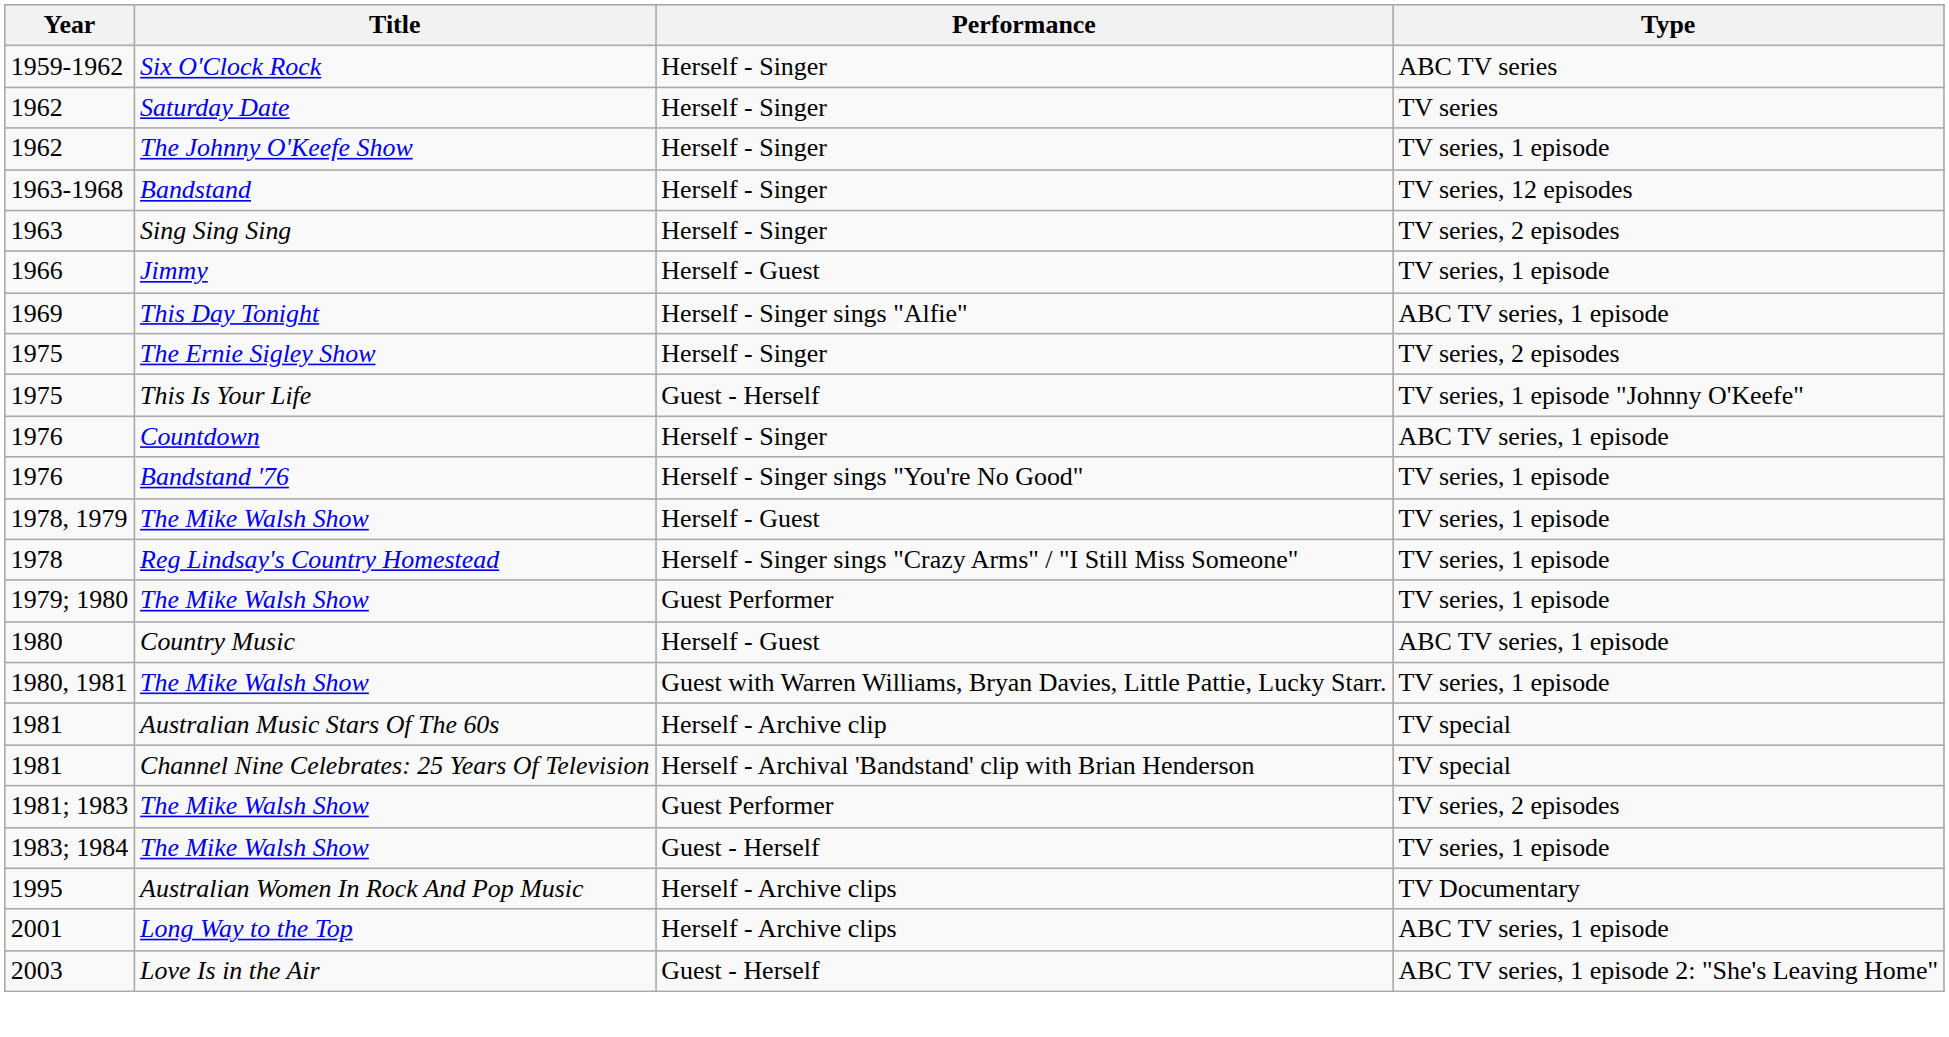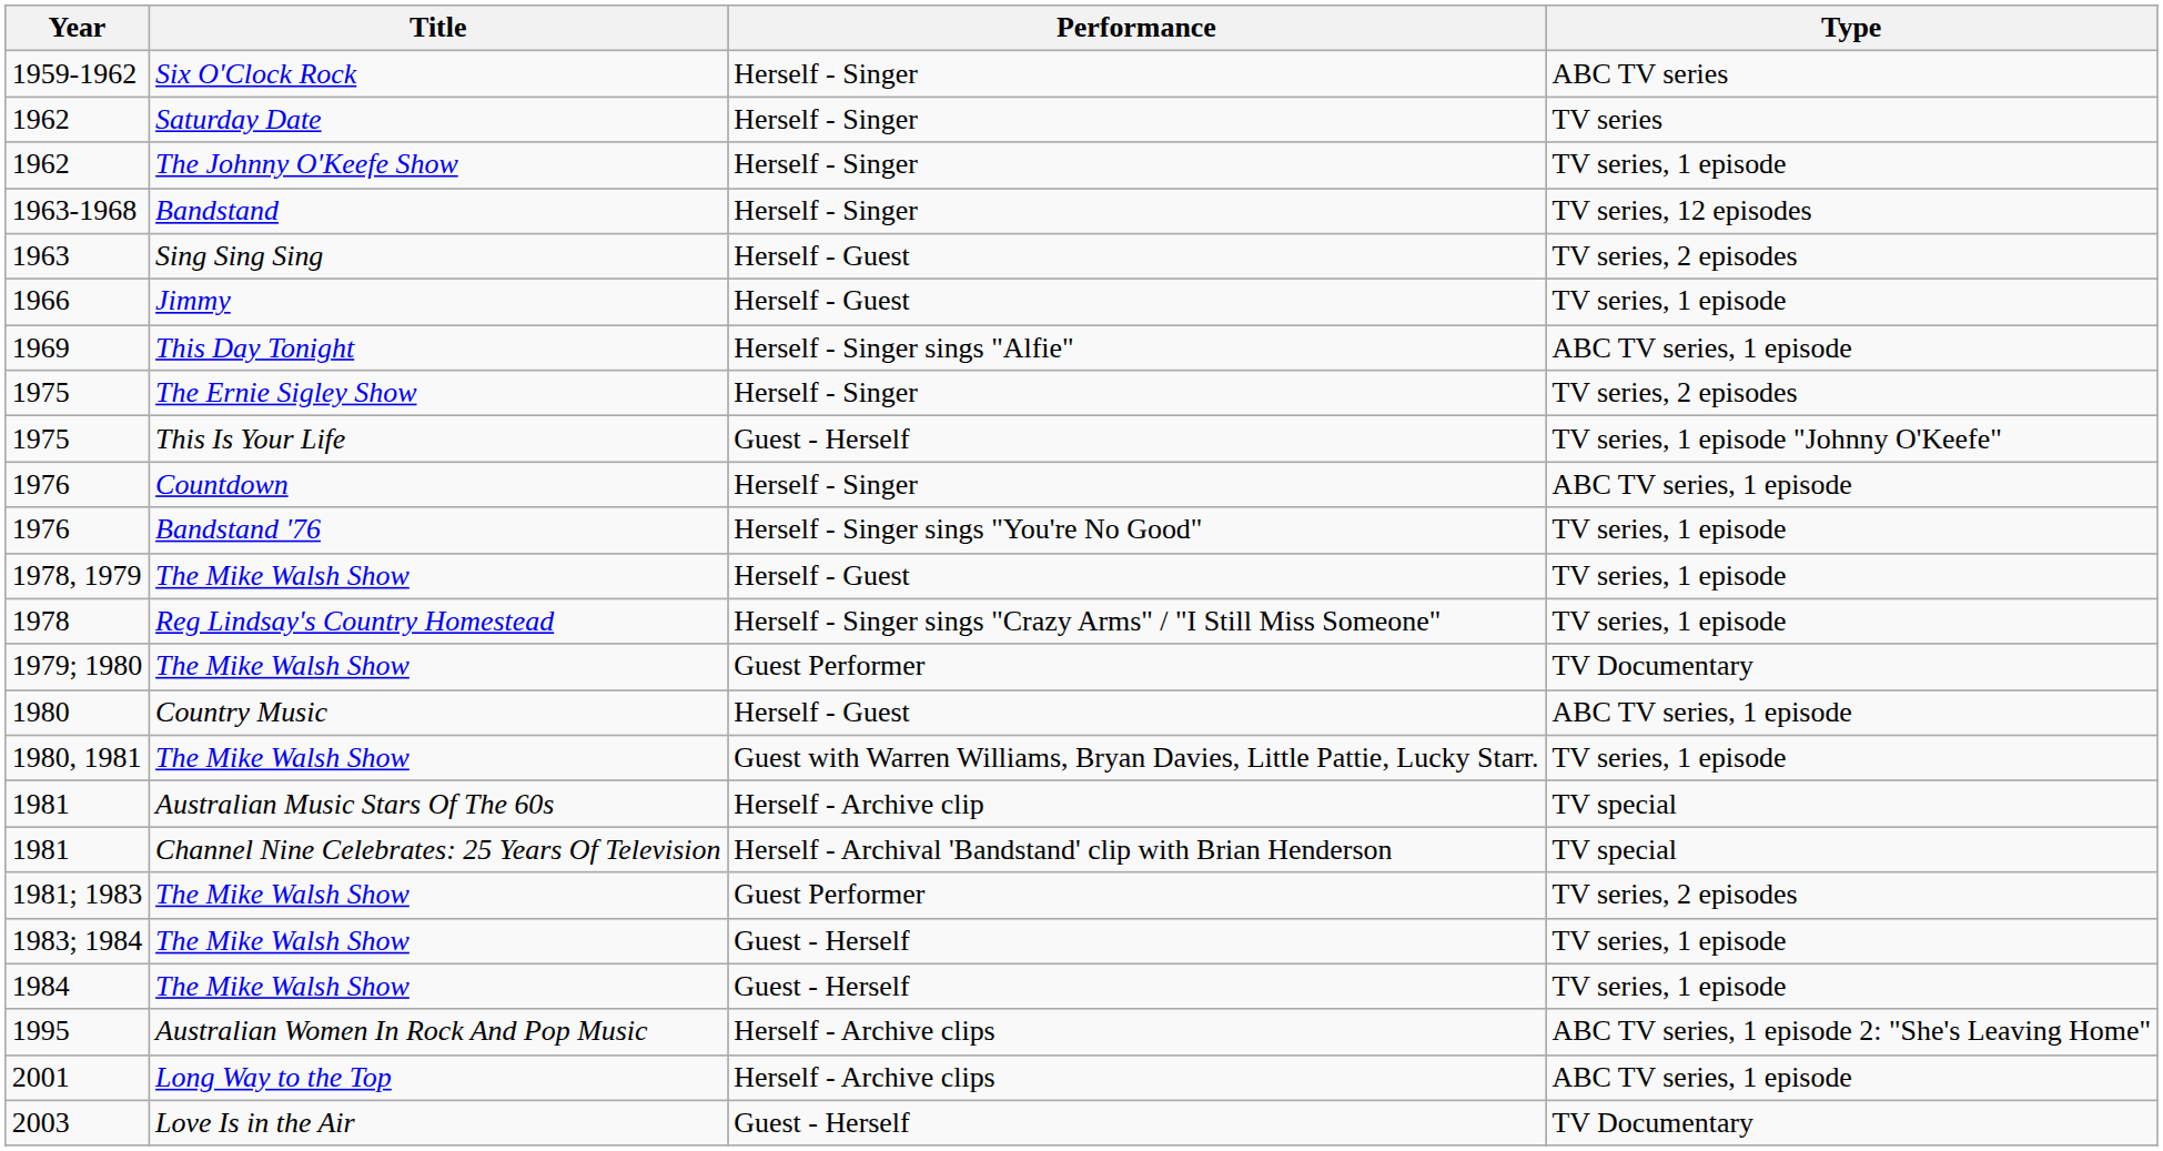 <table class="wikitable">
 <tr>
 <th>Year</th>
 <th>Title</th>
 <th>Performance</th>
 <th>Type</th>
 </tr>
 <tr>
 <td>1959-1962</td>
 <td><em><a href='#'>Six O'Clock Rock</a></em></td>
 <td>Herself - Singer</td>
 <td>ABC TV series</td>
 </tr>
 <tr>
 <td>1962</td>
 <td><em><a href='#'>Saturday Date</a></em></td>
 <td>Herself - Singer</td>
 <td>TV series</td>
 </tr>
 <tr>
 <td>1962</td>
 <td><em><a href='#'>The Johnny O'Keefe Show</a></em></td>
 <td>Herself - Singer</td>
 <td>TV series, 1 episode</td>
 </tr>
 <tr>
 <td>1963-1968</td>
 <td><em><a href='#'>Bandstand</a></em></td>
 <td>Herself - Singer</td>
 <td>TV series, 12 episodes</td>
 </tr>
 <tr>
 <td>1963</td>
 <td><em>Sing Sing Sing</em></td>
-<td>Herself - Singer</td>
+<td>Herself - Guest</td>
 <td>TV series, 2 episodes</td>
 </tr>
 <tr>
 <td>1966</td>
 <td><em><a href='#'>Jimmy</a></em></td>
 <td>Herself - Guest</td>
 <td>TV series, 1 episode</td>
 </tr>
 <tr>
 <td>1969</td>
 <td><em><a href='#'>This Day Tonight</a></em></td>
 <td>Herself - Singer sings "Alfie"</td>
 <td>ABC TV series, 1 episode</td>
 </tr>
 <tr>
 <td>1975</td>
 <td><em><a href='#'>The Ernie Sigley Show</a></em></td>
 <td>Herself - Singer</td>
 <td>TV series, 2 episodes</td>
 </tr>
 <tr>
 <td>1975</td>
 <td><em>This Is Your Life</em></td>
 <td>Guest - Herself</td>
 <td>TV series, 1 episode "Johnny O'Keefe"</td>
 </tr>
 <tr>
 <td>1976</td>
 <td><em><a href='#'>Countdown</a></em></td>
 <td>Herself - Singer</td>
 <td>ABC TV series, 1 episode</td>
 </tr>
 <tr>
 <td>1976</td>
 <td><em><a href='#'>Bandstand '76</a></em></td>
 <td>Herself - Singer sings "You're No Good"</td>
 <td>TV series, 1 episode</td>
 </tr>
 <tr>
 <td>1978, 1979</td>
 <td><em><a href='#'>The Mike Walsh Show</a></em></td>
 <td>Herself - Guest</td>
 <td>TV series, 1 episode</td>
 </tr>
 <tr>
 <td>1978</td>
 <td><em><a href='#'>Reg Lindsay's Country Homestead</a></em></td>
 <td>Herself - Singer sings "Crazy Arms" / "I Still Miss Someone"</td>
 <td>TV series, 1 episode</td>
 </tr>
 <tr>
 <td>1979; 1980</td>
 <td><em><a href='#'>The Mike Walsh Show</a></em></td>
 <td>Guest Performer</td>
-<td>TV series, 1 episode</td>
+<td>TV Documentary</td>
 </tr>
 <tr>
 <td>1980</td>
 <td><em>Country Music</em></td>
 <td>Herself - Guest</td>
 <td>ABC TV series, 1 episode</td>
 </tr>
 <tr>
 <td>1980, 1981</td>
 <td><em><a href='#'>The Mike Walsh Show</a></em></td>
 <td>Guest with Warren Williams, Bryan Davies, Little Pattie, Lucky Starr.</td>
 <td>TV series, 1 episode</td>
 </tr>
 <tr>
 <td>1981</td>
 <td><em>Australian Music Stars Of The 60s</em></td>
 <td>Herself - Archive clip</td>
 <td>TV special</td>
 </tr>
 <tr>
 <td>1981</td>
 <td><em>Channel Nine Celebrates: 25 Years Of Television</em></td>
 <td>Herself - Archival 'Bandstand' clip with Brian Henderson</td>
 <td>TV special</td>
 </tr>
 <tr>
 <td>1981; 1983</td>
 <td><em><a href='#'>The Mike Walsh Show</a></em></td>
 <td>Guest Performer</td>
 <td>TV series, 2 episodes</td>
 </tr>
 <tr>
 <td>1983; 1984</td>
 <td><em><a href='#'>The Mike Walsh Show</a></em></td>
 <td>Guest - Herself</td>
 <td>TV series, 1 episode</td>
 </tr>
 <tr>
+<td>1984</td>
+<td><em><a href='#'>The Mike Walsh Show</a></em></td>
+<td>Guest - Herself</td>
+<td>TV series, 1 episode</td>
+</tr>
+<tr>
 <td>1995</td>
 <td><em>Australian Women In Rock And Pop Music</em></td>
 <td>Herself - Archive clips</td>
-<td>TV Documentary</td>
+<td>ABC TV series, 1 episode 2: "She's Leaving Home"</td>
 </tr>
 <tr>
 <td>2001</td>
 <td><em><a href='#'>Long Way to the Top</a></em></td>
 <td>Herself - Archive clips</td>
 <td>ABC TV series, 1 episode</td>
 </tr>
 <tr>
 <td>2003</td>
 <td><em>Love Is in the Air</em></td>
 <td>Guest - Herself</td>
-<td>ABC TV series, 1 episode 2: "She's Leaving Home"</td>
+<td>TV Documentary</td>
 </tr>
 </table>
